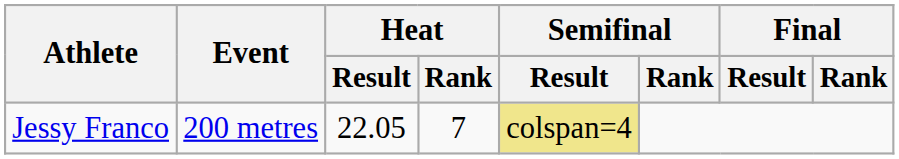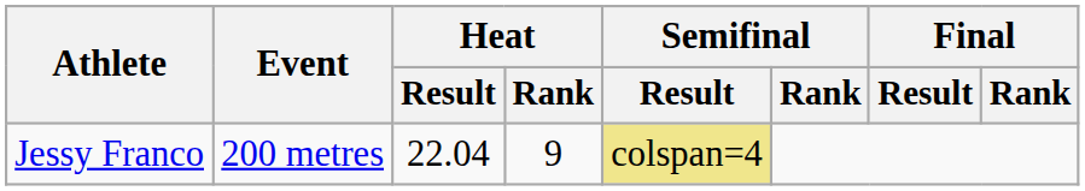 <table class="wikitable" style="font-size:90%">
 <tr>
 <th rowspan="2">Athlete</th>
 <th rowspan="2">Event</th>
 <th colspan="2">Heat</th>
 <th colspan="2">Semifinal</th>
 <th colspan="2">Final</th>
 </tr>
 <tr style="font-size:95%">
 <th>Result</th>
 <th>Rank</th>
 <th>Result</th>
 <th>Rank</th>
 <th>Result</th>
 <th>Rank</th>
 </tr>
 <tr align=center>
 <td align=left><a href='#'>Jessy Franco</a></td>
 <td align=left><a href='#'>200 metres</a></td>
-<td>22.05 </td>
-<td>7</td>
+<td>22.04 </td>
+<td>9</td>
 <td style="background: khaki;">colspan=4 </td>
 </tr>
 </table>
